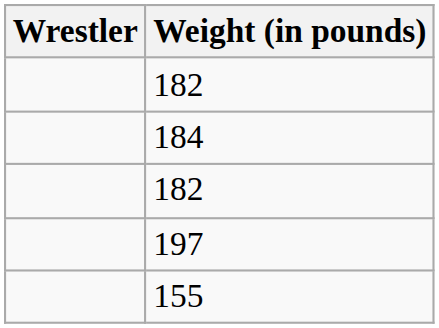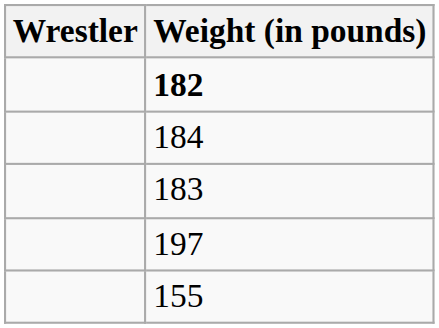 <table class="wikitable sortable">
 <tr>
 <th>Wrestler</th>
 <th>Weight (in pounds)</th>
 </tr>
 <tr>
 <td></td>
-<td>182</td>
+<td><strong>182</strong></td>
 </tr>
 <tr>
 <td></td>
 <td>184</td>
 </tr>
 <tr>
 <td></td>
-<td>182</td>
+<td>183</td>
 </tr>
 <tr>
 <td></td>
 <td>197</td>
 </tr>
 <tr>
 <td></td>
 <td>155</td>
 </tr>
 </table>
